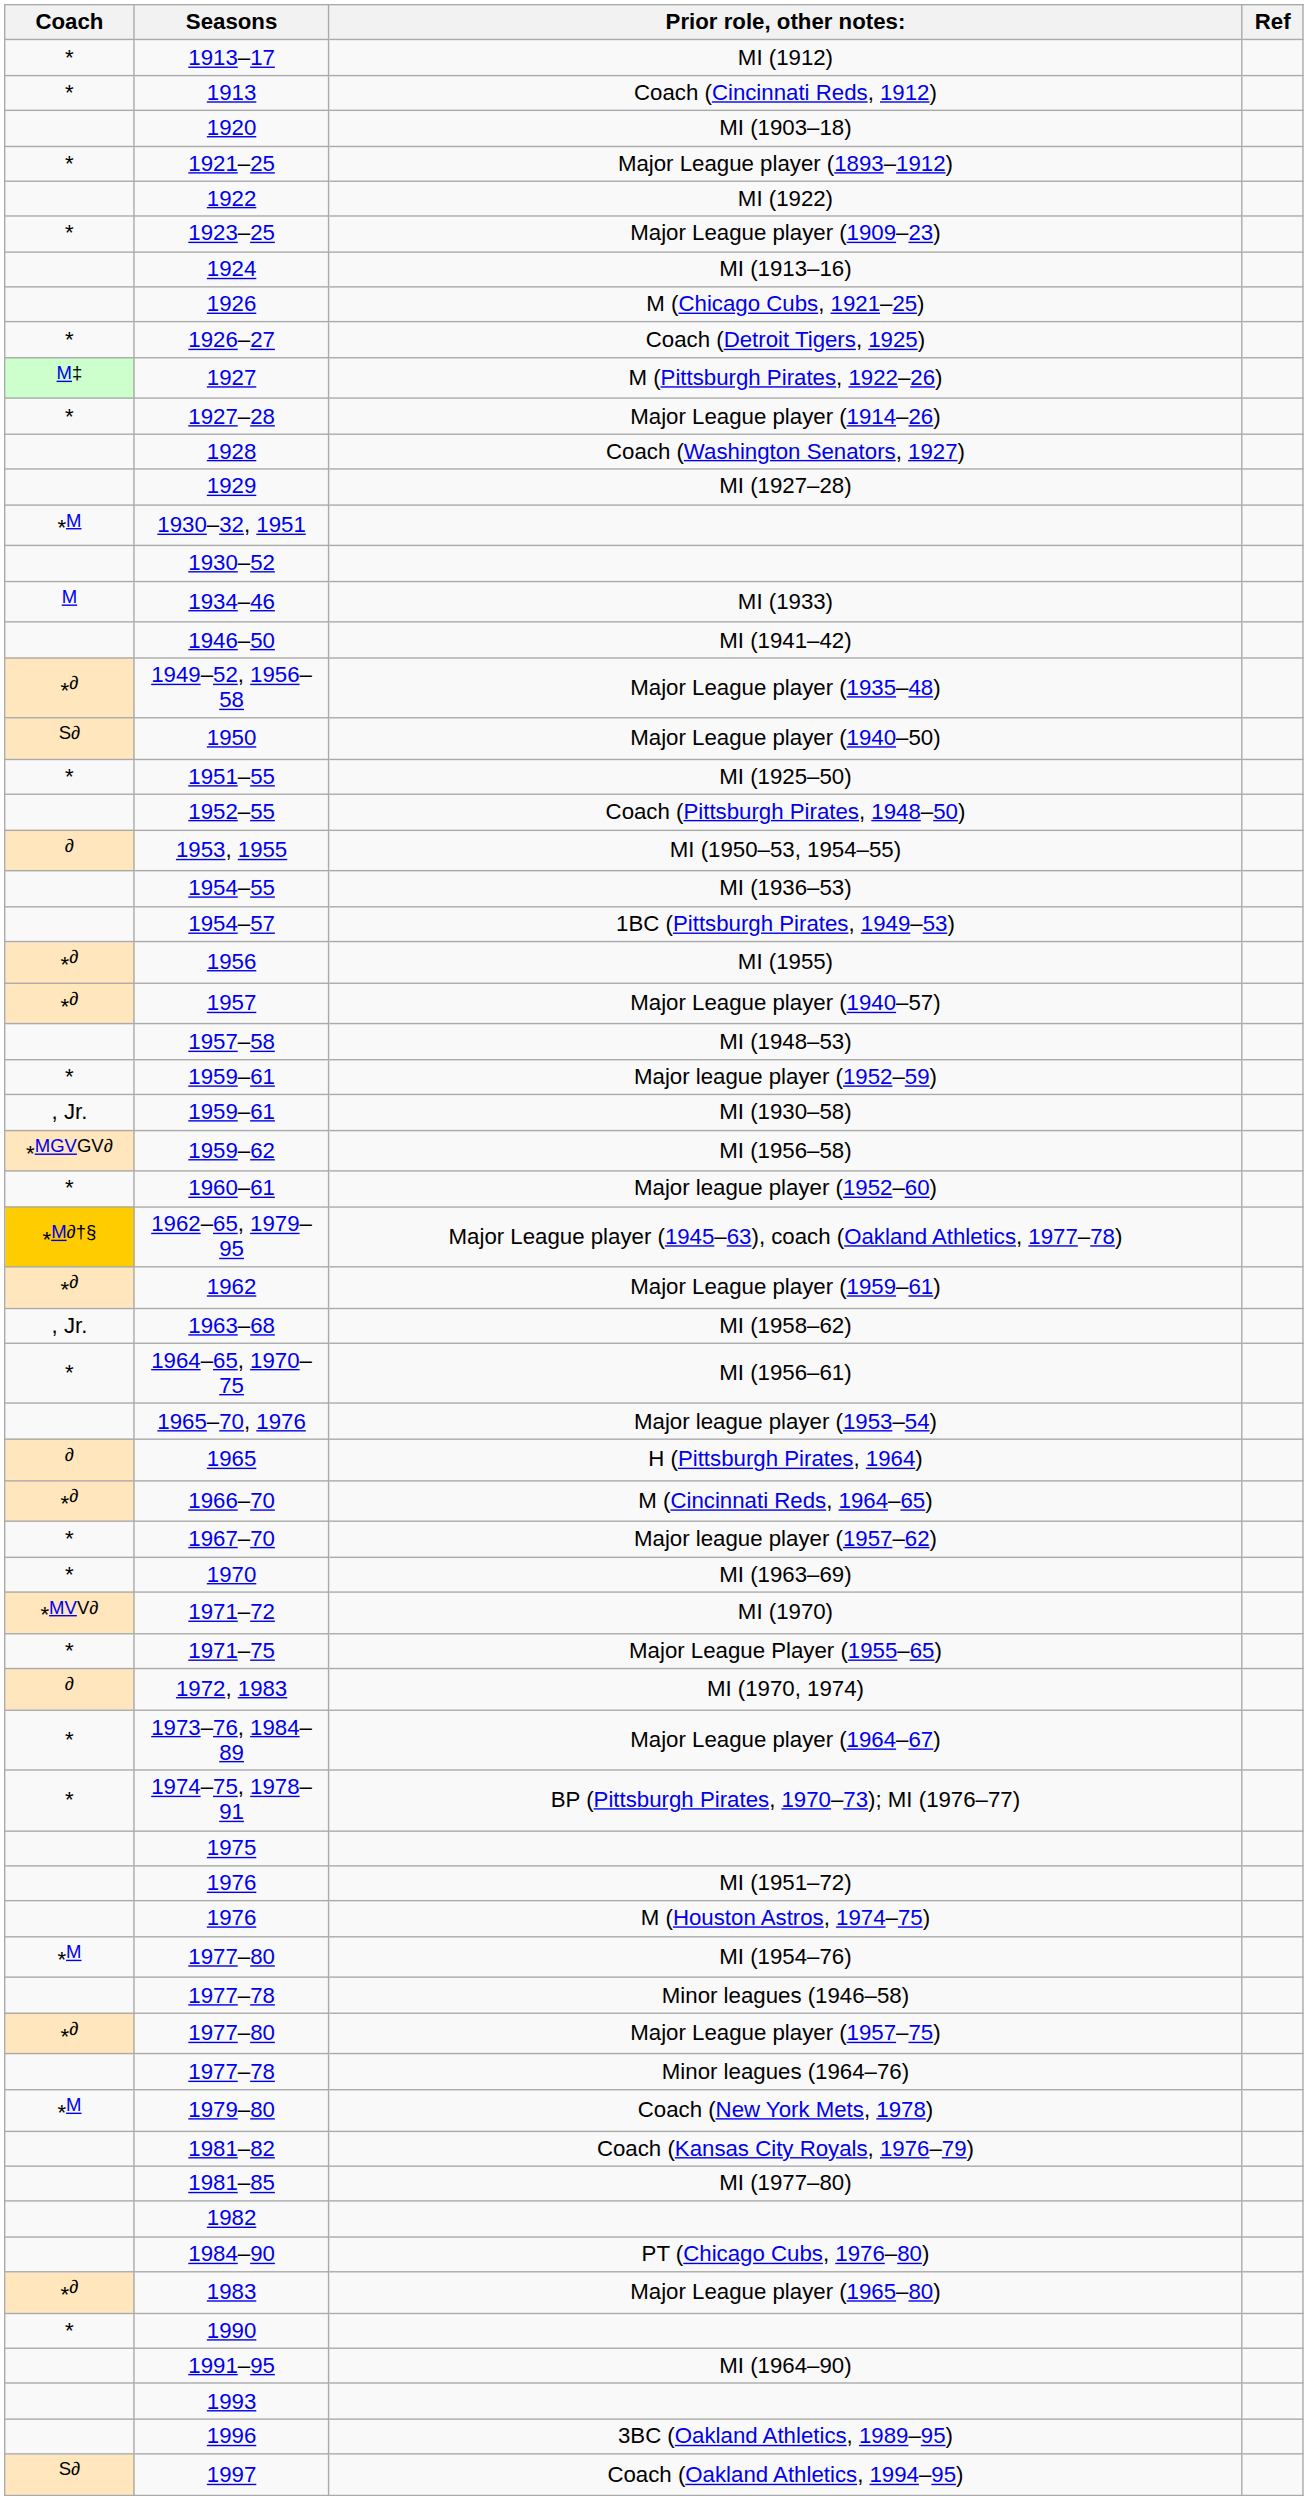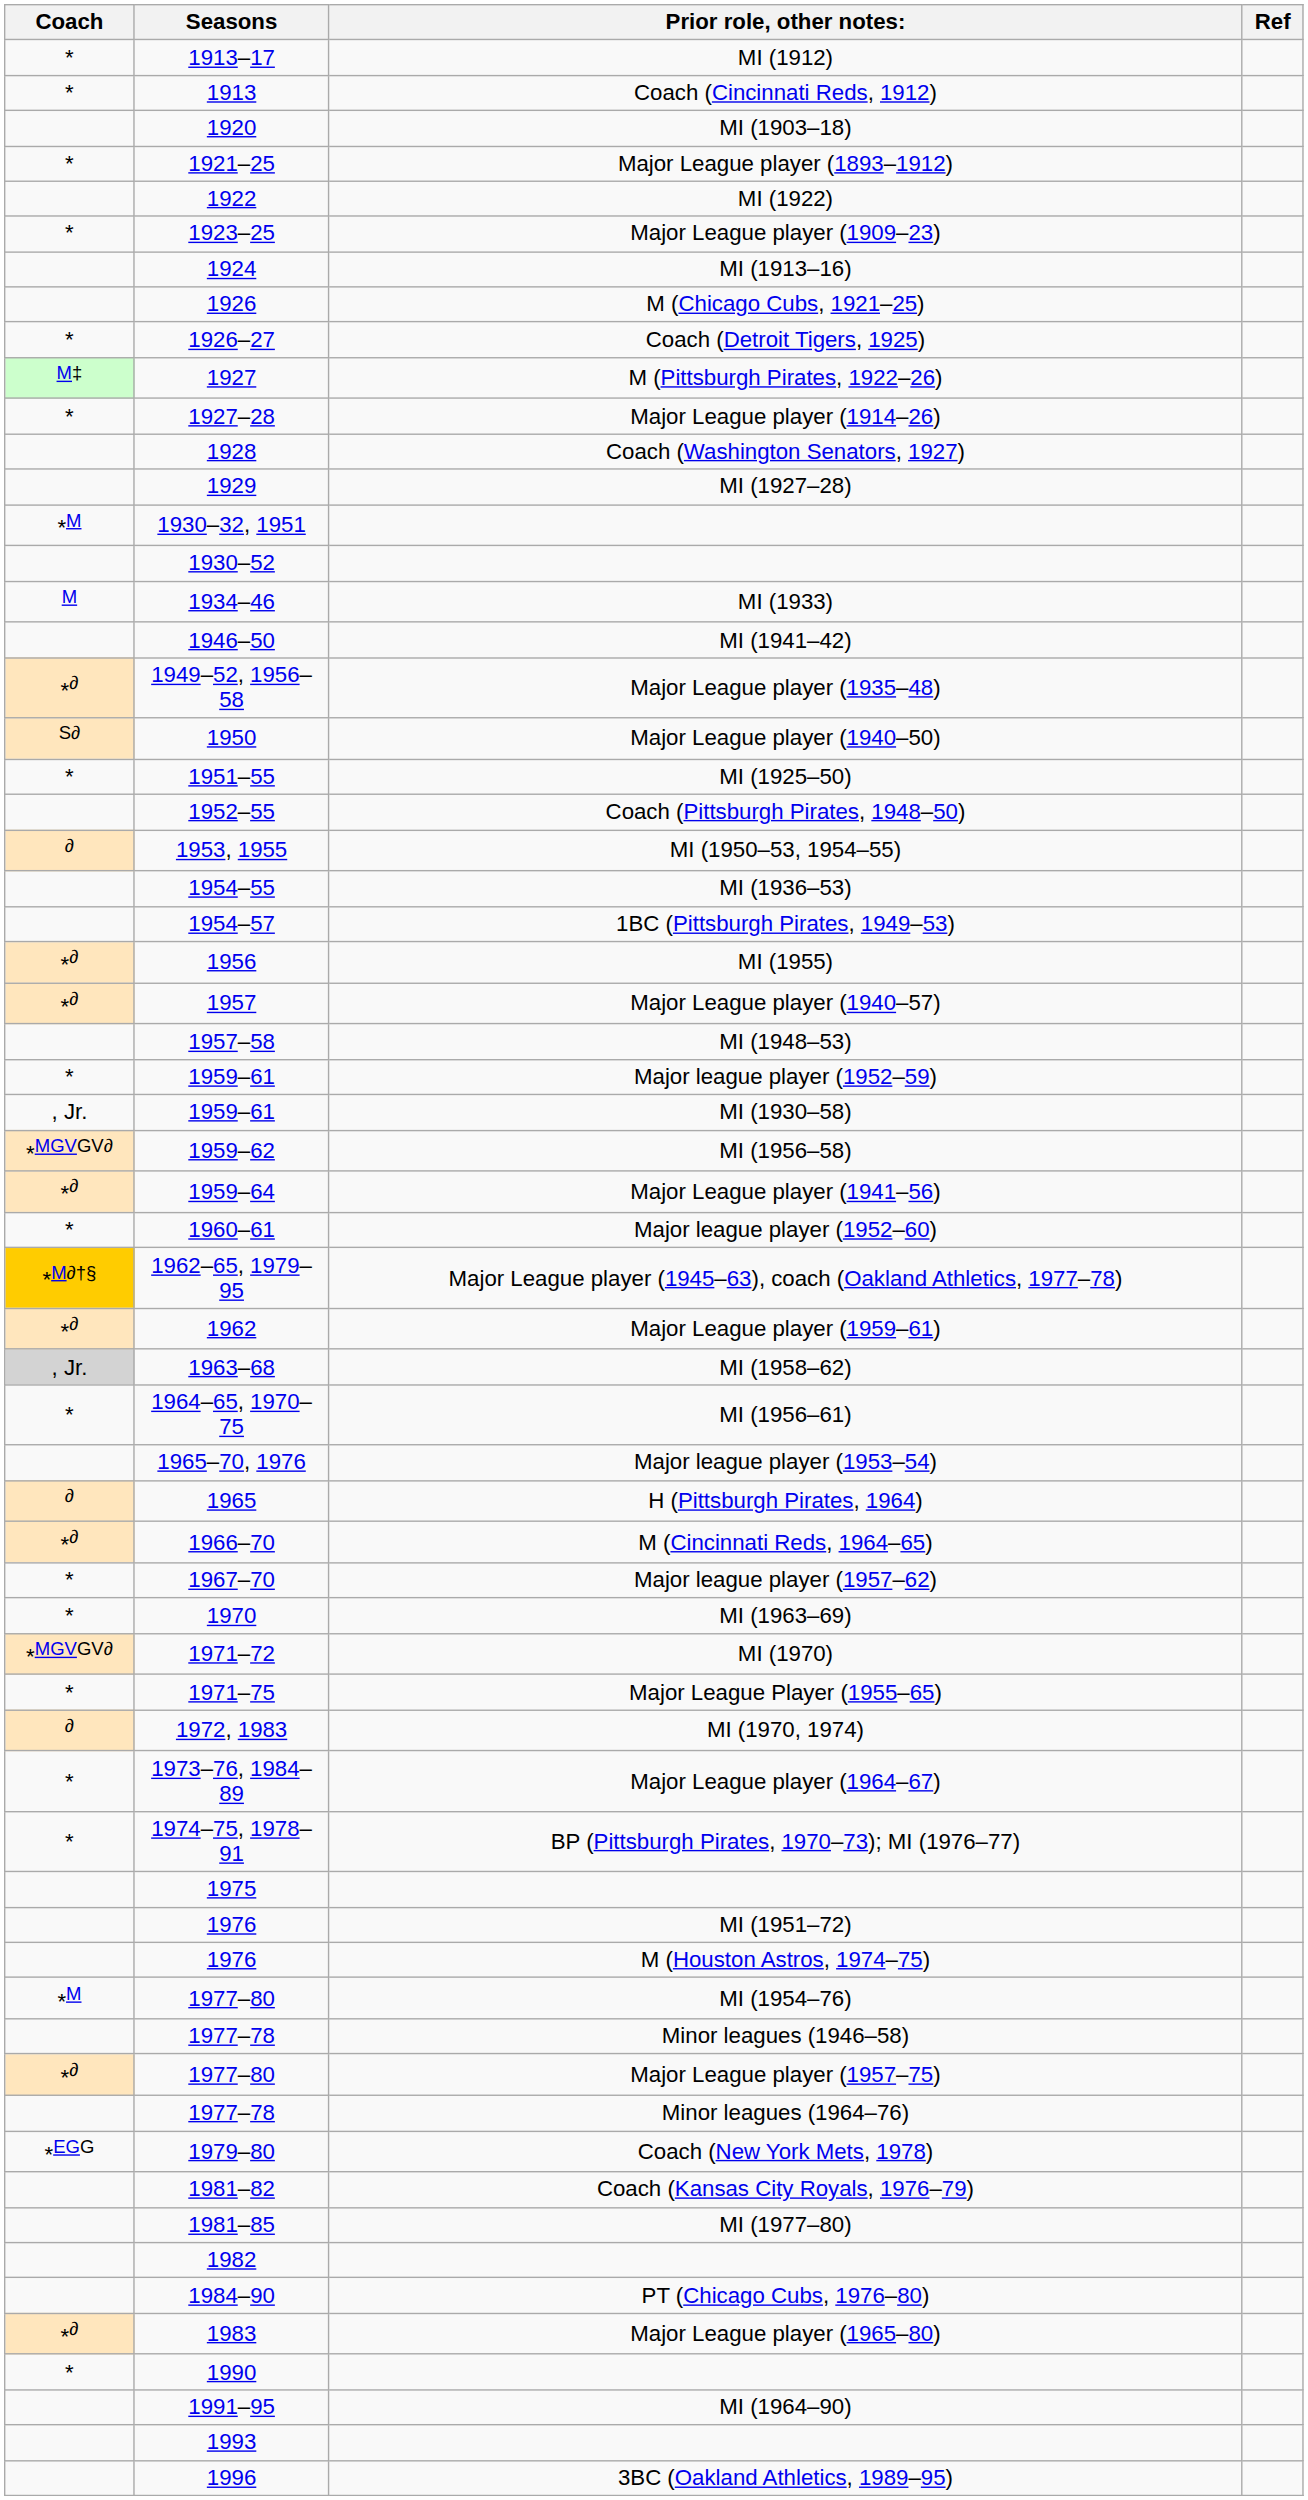 <table class="wikitable sortable" style="text-align:center; width:74%">
 <tr>
 <th>Coach</th>
 <th width="15%">Seasons</th>
 <th class="unsortable">Prior role, other notes:</th>
 <th class="unsortable">Ref</th>
 </tr>
 <tr>
 <td> *</td>
 <td><a href='#'>1913</a>–<a href='#'>17</a></td>
 <td>MI (1912)</td>
 <td></td>
 </tr>
 <tr>
 <td> *</td>
 <td><a href='#'>1913</a></td>
 <td>Coach (<a href='#'>Cincinnati Reds</a>, <a href='#'>1912</a>)</td>
 <td></td>
 </tr>
 <tr>
 <td></td>
 <td><a href='#'>1920</a></td>
 <td>MI (1903–18)</td>
 <td></td>
 </tr>
 <tr>
 <td> *</td>
 <td><a href='#'>1921</a>–<a href='#'>25</a></td>
 <td>Major League player (<a href='#'>1893</a>–<a href='#'>1912</a>)</td>
 <td></td>
 </tr>
 <tr>
 <td></td>
 <td><a href='#'>1922</a></td>
 <td>MI (1922)</td>
 <td></td>
 </tr>
 <tr>
 <td> *</td>
 <td><a href='#'>1923</a>–<a href='#'>25</a></td>
 <td>Major League player (<a href='#'>1909</a>–<a href='#'>23</a>)</td>
 <td></td>
 </tr>
 <tr>
 <td></td>
 <td><a href='#'>1924</a></td>
 <td>MI (1913–16)</td>
 <td></td>
 </tr>
 <tr>
 <td></td>
 <td><a href='#'>1926</a></td>
 <td>M (<a href='#'>Chicago Cubs</a>, <a href='#'>1921</a>–<a href='#'>25</a>)</td>
 <td></td>
 </tr>
 <tr>
 <td> *</td>
 <td><a href='#'>1926</a>–<a href='#'>27</a></td>
 <td>Coach (<a href='#'>Detroit Tigers</a>, <a href='#'>1925</a>)</td>
 <td></td>
 </tr>
 <tr>
 <td style="background-color:#ccffcc"> <sup><a href='#'>M</a>‡</sup></td>
 <td><a href='#'>1927</a></td>
 <td>M (<a href='#'>Pittsburgh Pirates</a>, <a href='#'>1922</a>–<a href='#'>26</a>)</td>
 <td></td>
 </tr>
 <tr>
 <td> *</td>
 <td><a href='#'>1927</a>–<a href='#'>28</a></td>
 <td>Major League player (<a href='#'>1914</a>–<a href='#'>26</a>)</td>
 <td></td>
 </tr>
 <tr>
 <td></td>
 <td><a href='#'>1928</a></td>
 <td>Coach (<a href='#'>Washington Senators</a>, <a href='#'>1927</a>)</td>
 <td></td>
 </tr>
 <tr>
 <td></td>
 <td><a href='#'>1929</a></td>
 <td>MI (1927–28)</td>
 <td></td>
 </tr>
 <tr>
 <td> *<sup><a href='#'>M</a></sup></td>
 <td><a href='#'>1930</a>–<a href='#'>32</a>, <a href='#'>1951</a></td>
 <td></td>
 <td></td>
 </tr>
 <tr>
 <td></td>
 <td><a href='#'>1930</a>–<a href='#'>52</a></td>
 <td></td>
 <td></td>
 </tr>
 <tr>
 <td> <sup><a href='#'>M</a></sup></td>
 <td><a href='#'>1934</a>–<a href='#'>46</a></td>
 <td>MI (1933)</td>
 <td></td>
 </tr>
 <tr>
 <td></td>
 <td><a href='#'>1946</a>–<a href='#'>50</a></td>
 <td>MI (1941–42)</td>
 <td></td>
 </tr>
 <tr>
 <td style="background-color:#ffe6bd"> *<sup>∂</sup></td>
 <td><a href='#'>1949</a>–<a href='#'>52</a>, <a href='#'>1956</a>–<a href='#'>58</a></td>
 <td>Major League player (<a href='#'>1935</a>–<a href='#'>48</a>)</td>
 <td></td>
 </tr>
 <tr>
 <td style="background-color:#ffe6bd"> <sup>S∂</sup></td>
 <td><a href='#'>1950</a></td>
 <td>Major League player (<a href='#'>1940</a>–50)</td>
 <td></td>
 </tr>
 <tr>
 <td> *</td>
 <td><a href='#'>1951</a>–<a href='#'>55</a></td>
 <td>MI (1925–50)</td>
 <td></td>
 </tr>
 <tr>
 <td></td>
 <td><a href='#'>1952</a>–<a href='#'>55</a></td>
 <td>Coach (<a href='#'>Pittsburgh Pirates</a>, <a href='#'>1948</a>–<a href='#'>50</a>)</td>
 <td></td>
 </tr>
 <tr>
 <td style="background-color:#ffe6bd"> <sup>∂</sup></td>
 <td><a href='#'>1953</a>, <a href='#'>1955</a></td>
 <td>MI (1950–53, 1954–55)</td>
 <td></td>
 </tr>
 <tr>
 <td></td>
 <td><a href='#'>1954</a>–<a href='#'>55</a></td>
 <td>MI (1936–53)</td>
 <td></td>
 </tr>
 <tr>
 <td></td>
 <td><a href='#'>1954</a>–<a href='#'>57</a></td>
 <td>1BC (<a href='#'>Pittsburgh Pirates</a>, <a href='#'>1949</a>–<a href='#'>53</a>)</td>
 <td></td>
 </tr>
 <tr>
 <td style="background-color:#ffe6bd"> *<sup>∂</sup></td>
 <td><a href='#'>1956</a></td>
 <td>MI (1955)</td>
 <td></td>
 </tr>
 <tr>
 <td style="background-color:#ffe6bd"> *<sup>∂</sup></td>
 <td><a href='#'>1957</a></td>
 <td>Major League player (<a href='#'>1940</a>–57)</td>
 <td></td>
 </tr>
 <tr>
 <td></td>
 <td><a href='#'>1957</a>–<a href='#'>58</a></td>
 <td>MI (1948–53)</td>
 <td></td>
 </tr>
 <tr>
 <td> *</td>
 <td><a href='#'>1959</a>–<a href='#'>61</a></td>
 <td>Major league player (<a href='#'>1952</a>–<a href='#'>59</a>)</td>
 <td></td>
 </tr>
 <tr>
 <td>, Jr.</td>
 <td><a href='#'>1959</a>–<a href='#'>61</a></td>
 <td>MI (1930–58)</td>
 <td></td>
 </tr>
 <tr>
 <td style="background-color:#ffe6bd"> *<sup><a href='#'>MGV</a>GV∂</sup></td>
 <td><a href='#'>1959</a>–<a href='#'>62</a></td>
 <td>MI (1956–58)</td>
 <td></td>
 </tr>
 <tr>
+<td style="background-color:#ffe6bd"> *<sup>∂</sup></td>
+<td><a href='#'>1959</a>–<a href='#'>64</a></td>
+<td>Major League player (<a href='#'>1941</a>–<a href='#'>56</a>)</td>
+<td></td>
+</tr>
+<tr>
 <td> *</td>
 <td><a href='#'>1960</a>–<a href='#'>61</a></td>
 <td>Major league player (<a href='#'>1952</a>–<a href='#'>60</a>)</td>
 <td></td>
 </tr>
 <tr>
 <td style="background-color:#ffcc00"> *<sup><a href='#'>M</a>∂†§</sup></td>
 <td><a href='#'>1962</a>–<a href='#'>65</a>, <a href='#'>1979</a>–<a href='#'>95</a></td>
 <td>Major League player (<a href='#'>1945</a>–<a href='#'>63</a>), coach (<a href='#'>Oakland Athletics</a>, <a href='#'>1977</a>–<a href='#'>78</a>)</td>
 <td></td>
 </tr>
 <tr>
 <td style="background-color:#ffe6bd"> *<sup>∂</sup></td>
 <td><a href='#'>1962</a></td>
 <td>Major League player (<a href='#'>1959</a>–<a href='#'>61</a>)</td>
 <td></td>
 </tr>
 <tr>
-<td>, Jr.</td>
+<td style="background: lightgrey;">, Jr.</td>
 <td><a href='#'>1963</a>–<a href='#'>68</a></td>
 <td>MI (1958–62)</td>
 <td></td>
 </tr>
 <tr>
 <td> *</td>
 <td><a href='#'>1964</a>–<a href='#'>65</a>, <a href='#'>1970</a>–<a href='#'>75</a></td>
 <td>MI (1956–61)</td>
 <td></td>
 </tr>
 <tr>
 <td></td>
 <td><a href='#'>1965</a>–<a href='#'>70</a>, <a href='#'>1976</a></td>
 <td>Major league player (<a href='#'>1953</a>–<a href='#'>54</a>)</td>
 <td></td>
 </tr>
 <tr>
 <td style="background-color:#ffe6bd"> <sup>∂</sup></td>
 <td><a href='#'>1965</a></td>
 <td>H (<a href='#'>Pittsburgh Pirates</a>, <a href='#'>1964</a>)</td>
 <td></td>
 </tr>
 <tr>
 <td style="background-color:#ffe6bd"> *<sup>∂</sup></td>
 <td><a href='#'>1966</a>–<a href='#'>70</a></td>
 <td>M (<a href='#'>Cincinnati Reds</a>, <a href='#'>1964</a>–<a href='#'>65</a>)</td>
 <td></td>
 </tr>
 <tr>
 <td> *</td>
 <td><a href='#'>1967</a>–<a href='#'>70</a></td>
 <td>Major league player (<a href='#'>1957</a>–<a href='#'>62</a>)</td>
 <td></td>
 </tr>
 <tr>
 <td> *</td>
 <td><a href='#'>1970</a></td>
 <td>MI (1963–69)</td>
 <td></td>
 </tr>
 <tr>
-<td style="background-color:#ffe6bd"> *<sup><a href='#'>MV</a>V∂</sup></td>
+<td style="background-color:#ffe6bd"> *<sup><a href='#'>MGV</a>GV∂</sup></td>
 <td><a href='#'>1971</a>–<a href='#'>72</a></td>
 <td>MI (1970)</td>
 <td></td>
 </tr>
 <tr>
 <td> *</td>
 <td><a href='#'>1971</a>–<a href='#'>75</a></td>
 <td>Major League Player (<a href='#'>1955</a>–<a href='#'>65</a>)</td>
 <td></td>
 </tr>
 <tr>
 <td style="background-color:#ffe6bd"> <sup>∂</sup></td>
 <td><a href='#'>1972</a>, <a href='#'>1983</a></td>
 <td>MI (1970, 1974)</td>
 <td></td>
 </tr>
 <tr>
 <td> *</td>
 <td><a href='#'>1973</a>–<a href='#'>76</a>, <a href='#'>1984</a>–<a href='#'>89</a></td>
 <td>Major League player (<a href='#'>1964</a>–<a href='#'>67</a>)</td>
 <td></td>
 </tr>
 <tr>
 <td> *</td>
 <td><a href='#'>1974</a>–<a href='#'>75</a>, <a href='#'>1978</a>–<a href='#'>91</a></td>
 <td>BP (<a href='#'>Pittsburgh Pirates</a>, <a href='#'>1970</a>–<a href='#'>73</a>); MI (1976–77)</td>
 <td></td>
 </tr>
 <tr>
 <td></td>
 <td><a href='#'>1975</a></td>
 <td></td>
 <td></td>
 </tr>
 <tr>
 <td></td>
 <td><a href='#'>1976</a></td>
 <td>MI (1951–72)</td>
 <td></td>
 </tr>
 <tr>
 <td></td>
 <td><a href='#'>1976</a></td>
 <td>M (<a href='#'>Houston Astros</a>, <a href='#'>1974</a>–<a href='#'>75</a>)</td>
 <td></td>
 </tr>
 <tr>
 <td> *<sup><a href='#'>M</a></sup></td>
 <td><a href='#'>1977</a>–<a href='#'>80</a></td>
 <td>MI (1954–76)</td>
 <td></td>
 </tr>
 <tr>
 <td></td>
 <td><a href='#'>1977</a>–<a href='#'>78</a></td>
 <td>Minor leagues (1946–58)</td>
 <td></td>
 </tr>
 <tr>
 <td style="background-color:#ffe6bd"> *<sup>∂</sup></td>
 <td><a href='#'>1977</a>–<a href='#'>80</a></td>
 <td>Major League player (<a href='#'>1957</a>–<a href='#'>75</a>)</td>
 <td></td>
 </tr>
 <tr>
 <td></td>
 <td><a href='#'>1977</a>–<a href='#'>78</a></td>
 <td>Minor leagues (1964–76)</td>
 <td></td>
 </tr>
 <tr>
-<td> *<sup><a href='#'>M</a></sup></td>
+<td> *<sup><a href='#'>EG</a>G</sup></td>
 <td><a href='#'>1979</a>–<a href='#'>80</a></td>
 <td>Coach (<a href='#'>New York Mets</a>, <a href='#'>1978</a>)</td>
 <td></td>
 </tr>
 <tr>
 <td></td>
 <td><a href='#'>1981</a>–<a href='#'>82</a></td>
 <td>Coach (<a href='#'>Kansas City Royals</a>, <a href='#'>1976</a>–<a href='#'>79</a>)</td>
 <td></td>
 </tr>
 <tr>
 <td></td>
 <td><a href='#'>1981</a>–<a href='#'>85</a></td>
 <td>MI (1977–80)</td>
 <td></td>
 </tr>
 <tr>
 <td></td>
 <td><a href='#'>1982</a></td>
 <td></td>
 <td></td>
 </tr>
 <tr>
 <td></td>
 <td><a href='#'>1984</a>–<a href='#'>90</a></td>
 <td>PT (<a href='#'>Chicago Cubs</a>, <a href='#'>1976</a>–<a href='#'>80</a>)</td>
 <td></td>
 </tr>
 <tr>
 <td style="background-color:#ffe6bd"> *<sup>∂</sup></td>
 <td><a href='#'>1983</a></td>
 <td>Major League player (<a href='#'>1965</a>–<a href='#'>80</a>)</td>
 <td></td>
 </tr>
 <tr>
 <td> *</td>
 <td><a href='#'>1990</a></td>
 <td></td>
 <td></td>
 </tr>
 <tr>
 <td></td>
 <td><a href='#'>1991</a>–<a href='#'>95</a></td>
 <td>MI (1964–90)</td>
 <td></td>
 </tr>
 <tr>
 <td></td>
 <td><a href='#'>1993</a></td>
 <td></td>
 <td></td>
 </tr>
 <tr>
 <td></td>
 <td><a href='#'>1996</a></td>
 <td>3BC (<a href='#'>Oakland Athletics</a>, <a href='#'>1989</a>–<a href='#'>95</a>)</td>
 <td></td>
 </tr>
 <tr>
-<td style="background-color:#ffe6bd"> <sup>S∂</sup></td>
-<td><a href='#'>1997</a></td>
-<td>Coach (<a href='#'>Oakland Athletics</a>, <a href='#'>1994</a>–<a href='#'>95</a>)</td>
-<td></td>
-</tr>
-<tr>
 </tr>
 </table>
